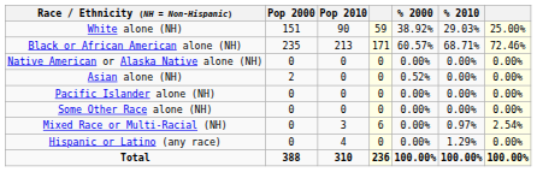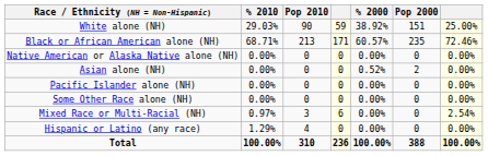 <table class="wikitable" style="text-align:center;">
 <tr>
 <th>Race / Ethnicity <small>(<em>NH = Non-Hispanic</em>)</small></th>
-<th>Pop 2000</th>
+<th>% 2010</th>
 <th>Pop 2010</th>
 <th></th>
 <th>% 2000</th>
-<th>% 2010</th>
+<th>Pop 2000</th>
 <th></th>
 </tr>
 <tr>
 <td><a href='#'>White</a> alone (NH)</td>
-<td>151</td>
+<td>29.03%</td>
 <td>90</td>
 <td style='background: #ffffe6;'>59</td>
 <td>38.92%</td>
-<td>29.03%</td>
+<td>151</td>
 <td style='background: #ffffe6;'>25.00%</td>
 </tr>
 <tr>
 <td><a href='#'>Black or African American</a> alone (NH)</td>
-<td>235</td>
+<td>68.71%</td>
 <td>213</td>
 <td style='background: #ffffe6;'>171</td>
 <td>60.57%</td>
-<td>68.71%</td>
+<td>235</td>
 <td style='background: #ffffe6;'>72.46%</td>
 </tr>
 <tr>
 <td><a href='#'>Native American</a> or <a href='#'>Alaska Native</a> alone (NH)</td>
-<td>0</td>
+<td>0.00%</td>
 <td>0</td>
 <td style='background: #ffffe6;'>0</td>
 <td>0.00%</td>
-<td>0.00%</td>
+<td>0</td>
 <td style='background: #ffffe6;'>0.00%</td>
 </tr>
 <tr>
 <td><a href='#'>Asian</a> alone (NH)</td>
-<td>2</td>
+<td>0.00%</td>
 <td>0</td>
 <td style='background: #ffffe6;'>0</td>
 <td>0.52%</td>
-<td>0.00%</td>
+<td>2</td>
 <td style='background: #ffffe6;'>0.00%</td>
 </tr>
 <tr>
 <td><a href='#'>Pacific Islander</a> alone (NH)</td>
-<td>0</td>
+<td>0.00%</td>
 <td>0</td>
 <td style='background: #ffffe6;'>0</td>
 <td>0.00%</td>
-<td>0.00%</td>
+<td>0</td>
 <td style='background: #ffffe6;'>0.00%</td>
 </tr>
 <tr>
 <td><a href='#'>Some Other Race</a> alone (NH)</td>
-<td>0</td>
+<td>0.00%</td>
 <td>0</td>
 <td style='background: #ffffe6;'>0</td>
 <td>0.00%</td>
-<td>0.00%</td>
+<td>0</td>
 <td style='background: #ffffe6;'>0.00%</td>
 </tr>
 <tr>
 <td><a href='#'>Mixed Race or Multi-Racial</a> (NH)</td>
-<td>0</td>
+<td>0.97%</td>
 <td>3</td>
 <td style='background: #ffffe6;'>6</td>
 <td>0.00%</td>
-<td>0.97%</td>
+<td>0</td>
 <td style='background: #ffffe6;'>2.54%</td>
 </tr>
 <tr>
 <td><a href='#'>Hispanic or Latino</a> (any race)</td>
-<td>0</td>
+<td>1.29%</td>
 <td>4</td>
 <td style='background: #ffffe6;'>0</td>
 <td>0.00%</td>
-<td>1.29%</td>
+<td>0</td>
 <td style='background: #ffffe6;'>0.00%</td>
 </tr>
 <tr>
 <td><strong>Total</strong></td>
-<td><strong>388</strong></td>
+<td><strong>100.00%</strong></td>
 <td><strong>310</strong></td>
 <td style='background: #ffffe6;'><strong>236</strong></td>
 <td><strong>100.00%</strong></td>
-<td><strong>100.00%</strong></td>
+<td><strong>388</strong></td>
 <td style='background: #ffffe6;'><strong>100.00%</strong></td>
 </tr>
 </table>
